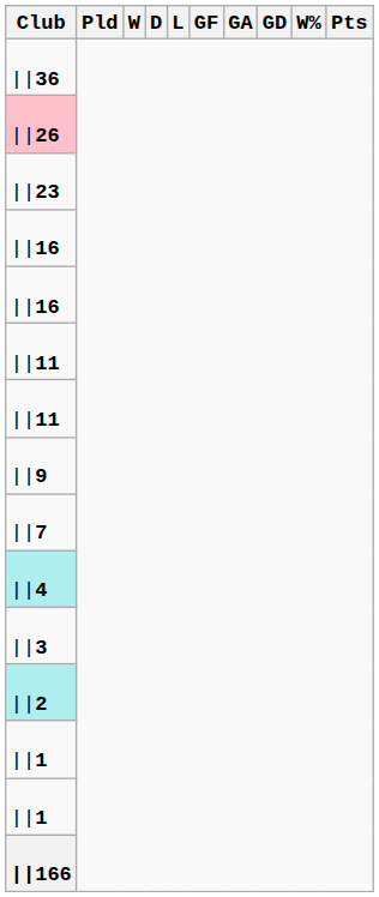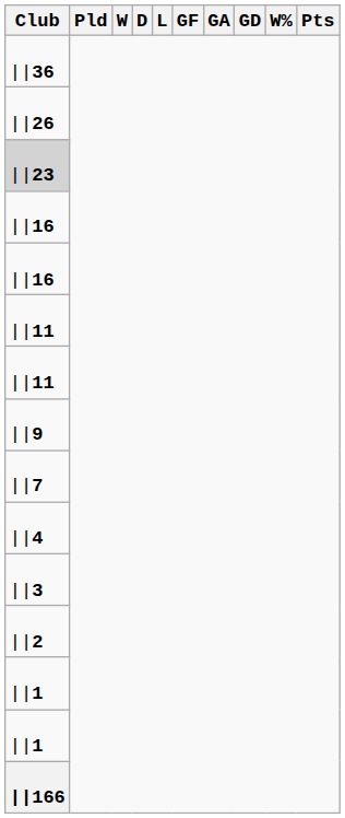 <table class="wikitable sortable" style="text-align: center;">
 <tr>
 <th>Club</th>
 <th>Pld</th>
 <th>W</th>
 <th>D</th>
 <th>L</th>
 <th>GF</th>
 <th>GA</th>
 <th>GD</th>
 <th>W%</th>
 <th>Pts</th>
 </tr>
 <tr>
 <td align=left><br>||<strong>36</strong></td>
 </tr>
 <tr>
-<td align=left style="background: pink;"><br>||<strong>26</strong></td>
+<td align=left><br>||<strong>26</strong></td>
 </tr>
 <tr>
-<td align=left><br>||<strong>23</strong></td>
+<td align=left style="background: lightgrey;"><br>||<strong>23</strong></td>
 </tr>
 <tr>
 <td align=left><br>||<strong>16</strong></td>
 </tr>
 <tr>
 <td align=left><br>||<strong>16</strong></td>
 </tr>
 <tr>
 <td align=left><br>||<strong>11</strong></td>
 </tr>
 <tr>
 <td align=left><br>||<strong>11</strong></td>
 </tr>
 <tr>
 <td align=left><br>||<strong>9</strong></td>
 </tr>
 <tr>
 <td align=left><br>||<strong>7</strong></td>
 </tr>
 <tr>
-<td align=left style="background: paleturquoise;"><br>||<strong>4</strong></td>
+<td align=left><br>||<strong>4</strong></td>
 </tr>
 <tr>
 <td align=left><br>||<strong>3</strong></td>
 </tr>
 <tr>
-<td align=left style="background: paleturquoise;"><br>||<strong>2</strong></td>
+<td align=left><br>||<strong>2</strong></td>
 </tr>
 <tr>
 <td align=left><br>||<strong>1</strong></td>
 </tr>
 <tr>
 <td align=left><br>||<strong>1</strong></td>
 </tr>
 <tr class="sortbottom">
 <th><br>||<strong>166</strong></th>
 </tr>
 </table>
